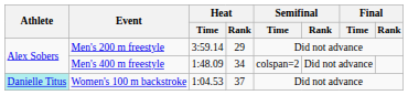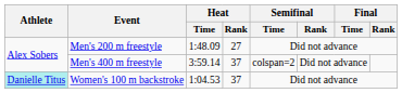 <table class=wikitable style="font-size:90%">
 <tr>
 <th rowspan="2">Athlete</th>
 <th rowspan="2">Event</th>
 <th colspan="2">Heat</th>
 <th colspan="2">Semifinal</th>
 <th colspan="2">Final</th>
 </tr>
 <tr style="font-size:95%">
 <th>Time</th>
 <th>Rank</th>
 <th>Time</th>
 <th>Rank</th>
 <th>Time</th>
 <th>Rank</th>
 </tr>
 <tr align=center>
 <td align=left rowspan=2><a href='#'>Alex Sobers</a></td>
 <td align=left><a href='#'>Men's 200 m freestyle</a></td>
-<td>3:59.14</td>
-<td>29</td>
+<td>1:48.09</td>
+<td>27</td>
 <td colspan=4>Did not advance</td>
 </tr>
 <tr align=center>
 <td align=left><a href='#'>Men's 400 m freestyle</a></td>
-<td>1:48.09</td>
-<td>34</td>
+<td>3:59.14</td>
+<td>37</td>
 <td>colspan=2 </td>
 <td colspan="2">Did not advance</td>
 </tr>
 <tr align=center>
 <td align=left style="background: paleturquoise;"><a href='#'>Danielle Titus</a></td>
 <td align=left><a href='#'>Women's 100 m backstroke</a></td>
 <td>1:04.53</td>
 <td>37</td>
 <td colspan="4">Did not advance</td>
 </tr>
 </table>
